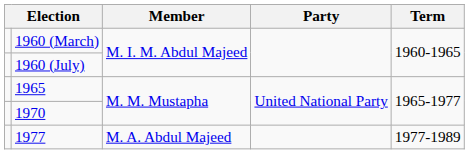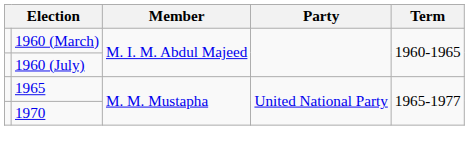 <table class="wikitable">
 <tr>
 <th colspan="2">Election</th>
 <th>Member</th>
 <th>Party</th>
 <th>Term</th>
 </tr>
 <tr>
 <td style="background-color: "></td>
 <td><a href='#'>1960 (March)</a></td>
 <td rowspan ="2"><a href='#'>M. I. M. Abdul Majeed</a></td>
 <td rowspan ="2"></td>
 <td rowspan ="2">1960-1965</td>
 </tr>
 <tr>
 <td style="background-color: "></td>
 <td><a href='#'>1960 (July)</a></td>
 </tr>
 <tr>
 <td style="background-color: "></td>
 <td><a href='#'>1965</a></td>
 <td rowspan ="2"><a href='#'>M. M. Mustapha</a></td>
 <td rowspan ="2"><a href='#'>United National Party</a></td>
 <td rowspan ="2">1965-1977</td>
 </tr>
 <tr>
 <td style="background-color: "></td>
 <td><a href='#'>1970</a></td>
 </tr>
-<tr>
-<td style="background-color: "></td>
-<td><a href='#'>1977</a></td>
-<td><a href='#'>M. A. Abdul Majeed</a></td>
-<td></td>
-<td>1977-1989</td>
-</tr>
 </table>
